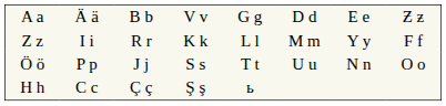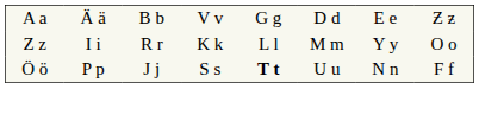 <table style="font-family:Arial Unicode MS; font-size:1.4em; border-color:#000000; border-width:1px; border-style:solid; border-collapse:collapse; background-color:#F8F8EF">
 <tr>
 <td style="width:3em; text-align:center; padding: 3px;">A a</td>
 <td style="width:3em; text-align:center; padding: 3px;">Ä ä</td>
 <td style="width:3em; text-align:center; padding: 3px;">B b</td>
 <td style="width:3em; text-align:center; padding: 3px;">V v</td>
 <td style="width:3em; text-align:center; padding: 3px;">G g</td>
 <td style="width:3em; text-align:center; padding: 3px;">D d</td>
 <td style="width:3em; text-align:center; padding: 3px;">E e</td>
 <td style="width:3em; text-align:center; padding: 3px;">Ƶ ƶ</td>
 </tr>
 <tr>
 <td style="width:3em; text-align:center; padding: 3px;">Z z</td>
 <td style="width:3em; text-align:center; padding: 3px;">I i</td>
 <td style="width:3em; text-align:center; padding: 3px;">R r</td>
 <td style="width:3em; text-align:center; padding: 3px;">K k</td>
 <td style="width:3em; text-align:center; padding: 3px;">L l</td>
 <td style="width:3em; text-align:center; padding: 3px;">M m</td>
 <td style="width:3em; text-align:center; padding: 3px;">Y y</td>
-<td style="width:3em; text-align:center; padding: 3px;">F f</td>
+<td style="width:3em; text-align:center; padding: 3px;">O o</td>
 </tr>
 <tr>
 <td style="width:3em; text-align:center; padding: 3px;">Ö ö</td>
 <td style="width:3em; text-align:center; padding: 3px;">P p</td>
 <td style="width:3em; text-align:center; padding: 3px;">J j</td>
 <td style="width:3em; text-align:center; padding: 3px;">S s</td>
-<td style="width:3em; text-align:center; padding: 3px;">T t</td>
+<td style="width:3em; text-align:center; padding: 3px;"><strong>T t</strong></td>
 <td style="width:3em; text-align:center; padding: 3px;">U u</td>
 <td style="width:3em; text-align:center; padding: 3px;">N n</td>
-<td style="width:3em; text-align:center; padding: 3px;">O o</td>
-</tr>
-<tr>
-<td style="width:3em; text-align:center; padding: 3px;">H h</td>
-<td style="width:3em; text-align:center; padding: 3px;">C c</td>
-<td style="width:3em; text-align:center; padding: 3px;">Ç ç</td>
-<td style="width:3em; text-align:center; padding: 3px;">Ş ş</td>
-<td style="width:3em; text-align:center; padding: 3px;">ь</td>
-<td style="width:3em; text-align:center; padding: 3px;"></td>
-<td style="width:3em; text-align:center; padding: 3px;"></td>
-<td style="width:3em; text-align:center; padding: 3px;"></td>
+<td style="width:3em; text-align:center; padding: 3px;">F f</td>
 </tr>
 </table>
